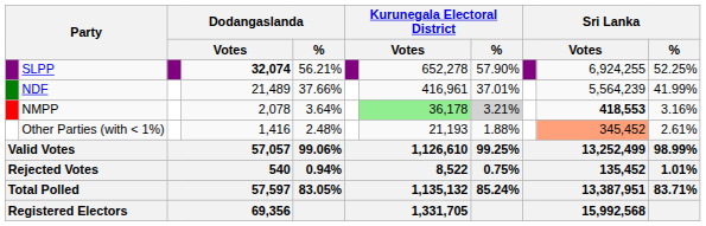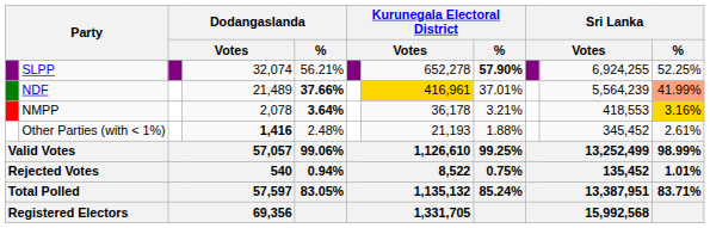 <table class="wikitable">
 <tr>
 <th colspan="2" width="144px"rowspan="2">Party</th>
 <th colspan="3" width="216px">Dodangaslanda</th>
 <th colspan="3" width="216px"><a href='#'>Kurunegala Electoral District</a></th>
 <th colspan="3" width="216px">Sri Lanka</th>
 </tr>
 <tr>
 <th colspan="2" width="144px">Votes</th>
 <th>%</th>
 <th colspan="2" width="144px">Votes</th>
 <th>%</th>
 <th colspan="2" width="144px">Votes</th>
 <th>%</th>
 </tr>
 <tr>
 <td style="background-color:purple;" width="10px"></td>
 <td style="text-align:left;"><a href='#'>SLPP</a></td>
 <td style="background-color:purple;" width="10px"></td>
-<td style="text-align:right;"><strong>32,074</strong></td>
+<td style="text-align:right;">32,074</td>
 <td style="text-align:right;">56.21%</td>
 <td style="background-color:purple;" width="10px"></td>
 <td style="text-align:right;">652,278</td>
-<td style="text-align:right;">57.90%</td>
+<td style="text-align:right;"><strong>57.90%</strong></td>
 <td style="background-color:purple;" width="10px"></td>
 <td style="text-align:right;">6,924,255</td>
 <td style="text-align:right;">52.25%</td>
 </tr>
 <tr>
 <td style="background-color:green;" width="10px"></td>
 <td style="text-align:left;"><a href='#'>NDF</a></td>
 <td style="background-color:white;" width="10px"></td>
 <td style="text-align:right;">21,489</td>
-<td style="text-align:right;">37.66%</td>
+<td style="text-align:right;"><strong>37.66%</strong></td>
 <td style="background-color:white;" width="10px"></td>
-<td style="text-align:right;">416,961</td>
+<td style="background: gold; text-align:right;">416,961</td>
 <td style="text-align:right;">37.01%</td>
 <td style="background-color:white;" width="10px"></td>
 <td style="text-align:right;">5,564,239</td>
-<td style="text-align:right;">41.99%</td>
+<td style="background: lightsalmon; text-align:right;">41.99%</td>
 </tr>
 <tr>
 <td style="background-color:red;" width="10px"></td>
 <td style="text-align:left;">NMPP</td>
 <td style="background-color:white;" width="10px"></td>
 <td style="text-align:right;">2,078</td>
-<td style="text-align:right;">3.64%</td>
+<td style="text-align:right;"><strong>3.64%</strong></td>
 <td style="background-color:white;" width="10px"></td>
-<td style="background: lightgreen; text-align:right;">36,178</td>
-<td style="background: lightgrey; text-align:right;">3.21%</td>
+<td style="text-align:right;">36,178</td>
+<td style="text-align:right;">3.21%</td>
 <td style="background-color:white;" width="10px"></td>
-<td style="text-align:right;"><strong>418,553</strong></td>
-<td style="text-align:right;">3.16%</td>
+<td style="text-align:right;">418,553</td>
+<td style="background: gold; text-align:right;">3.16%</td>
 </tr>
 <tr>
 <td style="background-color:white;" width="10px"></td>
 <td style="text-align:left;">Other Parties (with < 1%)</td>
 <td style="background-color:white;" width="10px"></td>
-<td style="text-align:right;">1,416</td>
+<td style="text-align:right;"><strong>1,416</strong></td>
 <td style="text-align:right;">2.48%</td>
 <td style="background-color:white;" width="10px"></td>
 <td style="text-align:right;">21,193</td>
 <td style="text-align:right;">1.88%</td>
 <td style="background-color:white;" width="10px"></td>
-<td style="background: lightsalmon; text-align:right;">345,452</td>
+<td style="text-align:right;">345,452</td>
 <td style="text-align:right;">2.61%</td>
 </tr>
 <tr>
 <th colspan="2" width="144px"style="text-align:left;">Valid Votes</th>
 <th style="text-align:right;"colspan="2" width="144px">57,057</th>
 <th style="text-align:right;">99.06%</th>
 <th style="text-align:right;"colspan="2" width="144px">1,126,610</th>
 <th style="text-align:right;">99.25%</th>
 <th style="text-align:right;"colspan="2" width="144px">13,252,499</th>
 <th style="text-align:right;">98.99%</th>
 </tr>
 <tr>
 <th colspan="2" width="144px"style="text-align:left;">Rejected Votes</th>
 <th style="text-align:right;"colspan="2" width="144px">540</th>
 <th style="text-align:right;">0.94%</th>
 <th style="text-align:right;"colspan="2" width="144px">8,522</th>
 <th style="text-align:right;">0.75%</th>
 <th style="text-align:right;"colspan="2" width="144px">135,452</th>
 <th style="text-align:right;">1.01%</th>
 </tr>
 <tr>
 <th colspan="2" width="144px"style="text-align:left;">Total Polled</th>
 <th style="text-align:right;"colspan="2" width="144px">57,597</th>
 <th style="text-align:right;">83.05%</th>
 <th style="text-align:right;"colspan="2" width="144px">1,135,132</th>
 <th style="text-align:right;">85.24%</th>
 <th style="text-align:right;"colspan="2" width="144px">13,387,951</th>
 <th style="text-align:right;">83.71%</th>
 </tr>
 <tr>
 <th colspan="2" width="144px"style="text-align:left;">Registered Electors</th>
 <th style="text-align:right;"colspan="2" width="144px">69,356</th>
 <th></th>
 <th style="text-align:right;"colspan="2" width="144px">1,331,705</th>
 <th></th>
 <th style="text-align:right;"colspan="2" width="144px">15,992,568</th>
 <th></th>
 </tr>
 </table>
